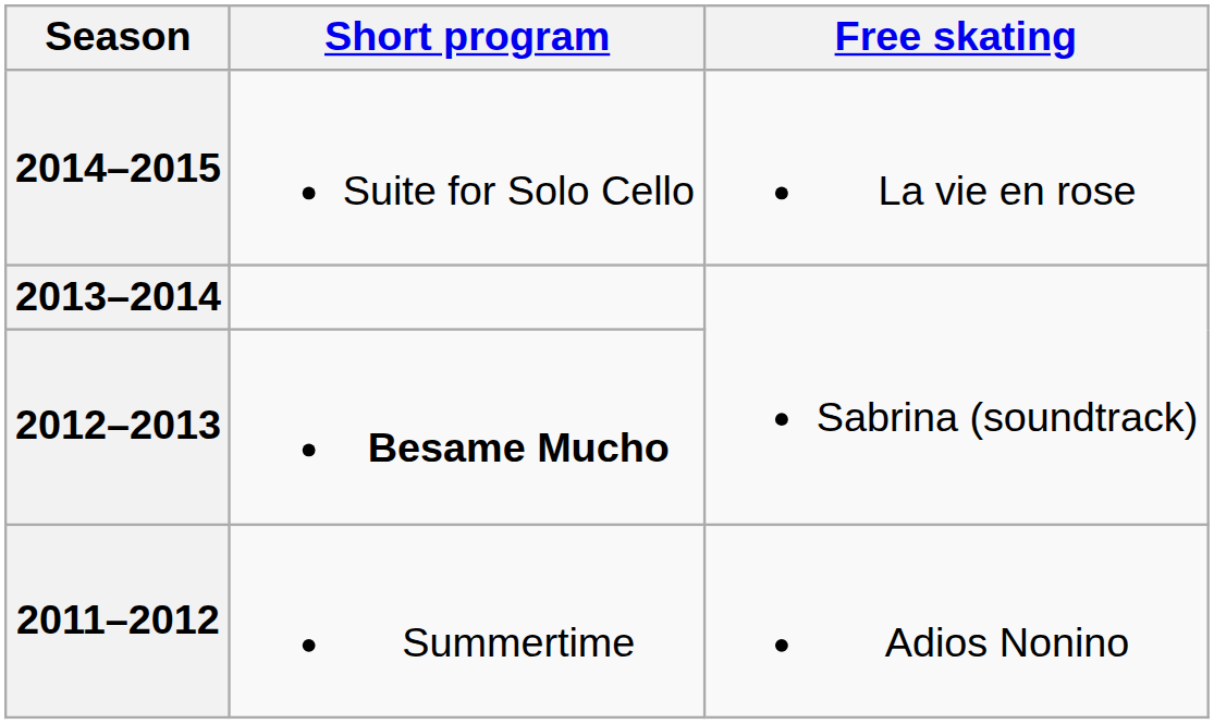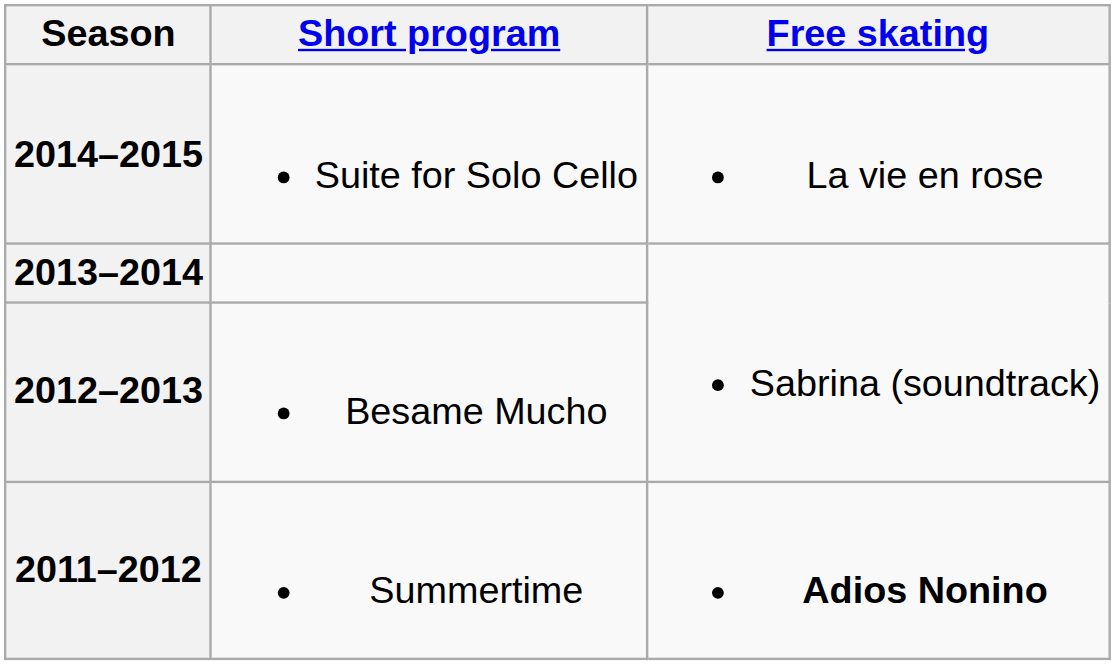 <table class=wikitable style=text-align:center>
 <tr>
 <th>Season</th>
 <th><a href='#'>Short program</a></th>
 <th><a href='#'>Free skating</a></th>
 </tr>
 <tr>
 <th>2014–2015 <br> </th>
 <td><br><ul><li>Suite for Solo Cello <br></li></ul></td>
 <td><br><ul><li>La vie en rose</li></ul></td>
 </tr>
 <tr>
 <th>2013–2014</th>
 <td></td>
 <td rowspan=2><br><ul><li>Sabrina (soundtrack)</li></ul></td>
 </tr>
 <tr>
 <th>2012–2013 <br> </th>
-<td><strong><br><ul><li>Besame Mucho <br></li></ul></strong></td>
+<td><br><ul><li>Besame Mucho <br></li></ul></td>
 </tr>
 <tr>
 <th>2011–2012 <br> </th>
 <td><br><ul><li>Summertime <br></li></ul></td>
-<td><br><ul><li>Adios Nonino <br></li></ul></td>
+<td><strong><br><ul><li>Adios Nonino <br></li></ul></strong></td>
 </tr>
 </table>
